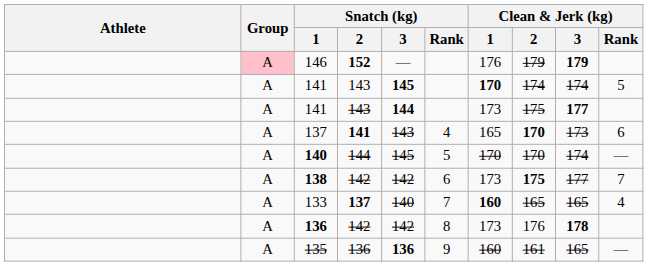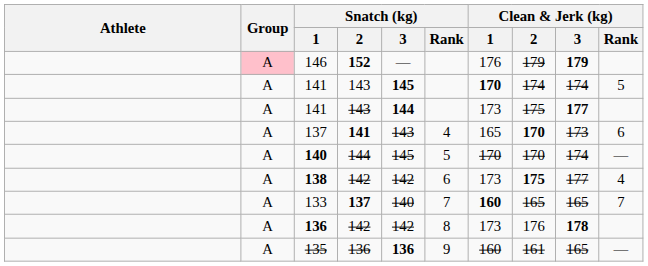 <table class = "wikitable" style="text-align:center;">
 <tr>
 <th rowspan=2 width=250>Athlete</th>
 <th rowspan=2 width=50>Group</th>
 <th colspan=4>Snatch (kg)</th>
 <th colspan=4>Clean & Jerk (kg)</th>
 </tr>
 <tr>
 <th width=40>1</th>
 <th width=40>2</th>
 <th width=40>3</th>
 <th width=40>Rank</th>
 <th width=40>1</th>
 <th width=40>2</th>
 <th width=40>3</th>
 <th width=40>Rank</th>
 </tr>
 <tr>
 <td align=left></td>
 <td style="background: pink;">A</td>
 <td>146</td>
 <td><strong>152</strong></td>
 <td>—</td>
 <td></td>
 <td>176</td>
 <td><s>179</s></td>
 <td><strong>179</strong></td>
 <td></td>
 </tr>
 <tr>
 <td align=left></td>
 <td>A</td>
 <td>141</td>
 <td>143</td>
 <td><strong>145</strong></td>
 <td></td>
 <td><strong>170</strong></td>
 <td><s>174</s></td>
 <td><s>174</s></td>
 <td>5</td>
 </tr>
 <tr>
 <td align=left></td>
 <td>A</td>
 <td>141</td>
 <td><s>143</s></td>
 <td><strong>144</strong></td>
 <td></td>
 <td>173</td>
 <td><s>175</s></td>
 <td><strong>177</strong></td>
 <td></td>
 </tr>
 <tr>
 <td align=left></td>
 <td>A</td>
 <td>137</td>
 <td><strong>141</strong></td>
 <td><s>143</s></td>
 <td>4</td>
 <td>165</td>
 <td><strong>170</strong></td>
 <td><s>173</s></td>
 <td>6</td>
 </tr>
 <tr>
 <td align=left></td>
 <td>A</td>
 <td><strong>140</strong></td>
 <td><s>144</s></td>
 <td><s>145</s></td>
 <td>5</td>
 <td><s>170</s></td>
 <td><s>170</s></td>
 <td><s>174</s></td>
 <td>—</td>
 </tr>
 <tr>
 <td align=left></td>
 <td>A</td>
 <td><strong>138</strong></td>
 <td><s>142</s></td>
 <td><s>142</s></td>
 <td>6</td>
 <td>173</td>
 <td><strong>175</strong></td>
 <td><s>177</s></td>
-<td>7</td>
+<td>4</td>
 </tr>
 <tr>
 <td align=left></td>
 <td>A</td>
 <td>133</td>
 <td><strong>137</strong></td>
 <td><s>140</s></td>
 <td>7</td>
 <td><strong>160</strong></td>
 <td><s>165</s></td>
 <td><s>165</s></td>
-<td>4</td>
+<td>7</td>
 </tr>
 <tr>
 <td align=left></td>
 <td>A</td>
 <td><strong>136</strong></td>
 <td><s>142</s></td>
 <td><s>142</s></td>
 <td>8</td>
 <td>173</td>
 <td>176</td>
 <td><strong>178</strong></td>
 <td></td>
 </tr>
 <tr>
 <td align=left></td>
 <td>A</td>
 <td><s>135</s></td>
 <td><s>136</s></td>
 <td><strong>136</strong></td>
 <td>9</td>
 <td><s>160</s></td>
 <td><s>161</s></td>
 <td><s>165</s></td>
 <td>—</td>
 </tr>
 </table>
